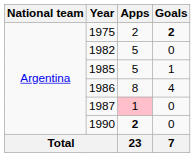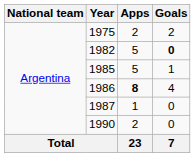 <table class="wikitable" style="text-align:center">
 <tr>
 <th>National team</th>
 <th>Year</th>
 <th>Apps</th>
 <th>Goals</th>
 </tr>
 <tr>
 <td rowspan="6"><a href='#'>Argentina</a></td>
 <td>1975</td>
 <td>2</td>
-<td><strong>2</strong></td>
+<td>2</td>
 </tr>
 <tr>
 <td>1982</td>
 <td>5</td>
-<td>0</td>
+<td><strong>0</strong></td>
 </tr>
 <tr>
 <td>1985</td>
 <td>5</td>
 <td>1</td>
 </tr>
 <tr>
 <td>1986</td>
-<td>8</td>
+<td><strong>8</strong></td>
 <td>4</td>
 </tr>
 <tr>
 <td>1987</td>
-<td style="background: pink;">1</td>
+<td>1</td>
 <td>0</td>
 </tr>
 <tr>
 <td>1990</td>
-<td><strong>2</strong></td>
+<td>2</td>
 <td>0</td>
 </tr>
 <tr>
 <th colspan="2">Total</th>
 <th>23</th>
 <th>7</th>
 </tr>
 </table>
